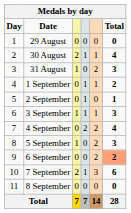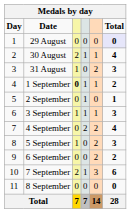 <table class="wikitable" style="font-size:85%">
 <tr style="background:#efefef;">
 <th colspan=7><strong>Medals by day</strong></th>
 </tr>
 <tr style="text-align:center">
 <td><strong>Day</strong></td>
 <td><strong>Date</strong></td>
 <td bgcolor=#f7f6a8></td>
 <td style="background:#dce5e5"></td>
 <td style="background:#ffdab9"></td>
 <td><strong>Total</strong></td>
 </tr>
 <tr style="text-align:center">
 <td>1</td>
 <td>29 August</td>
 <td style="background:#F7F6A8;">0</td>
 <td style="background:#DCE5E5;">0</td>
 <td style="background:#FFDAB9;">0</td>
-<td><strong>0</strong></td>
+<td style="background: lavender;"><strong>0</strong></td>
 </tr>
 <tr style="text-align:center">
 <td>2</td>
 <td>30 August</td>
 <td style="background:#F7F6A8;">2</td>
 <td style="background:#DCE5E5;">1</td>
 <td style="background:#FFDAB9;">1</td>
 <td><strong>4</strong></td>
 </tr>
 <tr style="text-align:center">
 <td>3</td>
 <td>31 August</td>
 <td style="background:#F7F6A8;">1</td>
 <td style="background:#DCE5E5;">0</td>
 <td style="background:#FFDAB9;">2</td>
 <td><strong>3</strong></td>
 </tr>
 <tr style="text-align:center">
 <td>4</td>
 <td>1 September</td>
-<td style="background:#F7F6A8;">0</td>
+<td style="background:#F7F6A8;"><strong>0</strong></td>
 <td style="background:#DCE5E5;">1</td>
 <td style="background:#FFDAB9;">1</td>
 <td><strong>2</strong></td>
 </tr>
 <tr style="text-align:center">
 <td>5</td>
 <td>2 September</td>
 <td style="background:#F7F6A8;">0</td>
 <td style="background:#DCE5E5;">1</td>
 <td style="background:#FFDAB9;">0</td>
 <td><strong>1</strong></td>
 </tr>
 <tr style="text-align:center">
 <td>6</td>
 <td>3 September</td>
 <td style="background:#F7F6A8;">1</td>
 <td style="background:#DCE5E5;">1</td>
 <td style="background:#FFDAB9;">1</td>
 <td><strong>3</strong></td>
 </tr>
 <tr style="text-align:center">
 <td>7</td>
 <td>4 September</td>
 <td style="background:#F7F6A8;">0</td>
 <td style="background:#DCE5E5;">2</td>
 <td style="background:#FFDAB9;">2</td>
 <td><strong>4</strong></td>
 </tr>
 <tr style="text-align:center">
 <td>8</td>
 <td>5 September</td>
 <td style="background:#F7F6A8;">1</td>
 <td style="background:#DCE5E5;">0</td>
 <td style="background:#FFDAB9;">2</td>
 <td><strong>3</strong></td>
 </tr>
 <tr style="text-align:center">
 <td>9</td>
 <td>6 September</td>
 <td style="background:#F7F6A8;">0</td>
 <td style="background:#DCE5E5;">0</td>
 <td style="background:#FFDAB9;">2</td>
-<td style="background: lightsalmon;"><strong>2</strong></td>
+<td><strong>2</strong></td>
 </tr>
 <tr style="text-align:center">
 <td>10</td>
 <td>7 September</td>
 <td style="background:#F7F6A8;">2</td>
 <td style="background:#DCE5E5;">1</td>
 <td style="background:#FFDAB9;">3</td>
 <td><strong>6</strong></td>
 </tr>
 <tr style="text-align:center">
 <td>11</td>
 <td>8 September</td>
 <td style="background:#F7F6A8;">0</td>
 <td style="background:#DCE5E5;">0</td>
 <td style="background:#FFDAB9;">0</td>
 <td><strong>0</strong></td>
 </tr>
 <tr style="text-align:center">
 <th colspan=2><strong>Total</strong></th>
 <th style="background:gold;"><strong>7</strong></th>
 <th style="background:silver;"><strong>7</strong></th>
 <th style="background:#c96;"><strong>14</strong></th>
 <th><strong>28</strong></th>
 </tr>
 </table>
